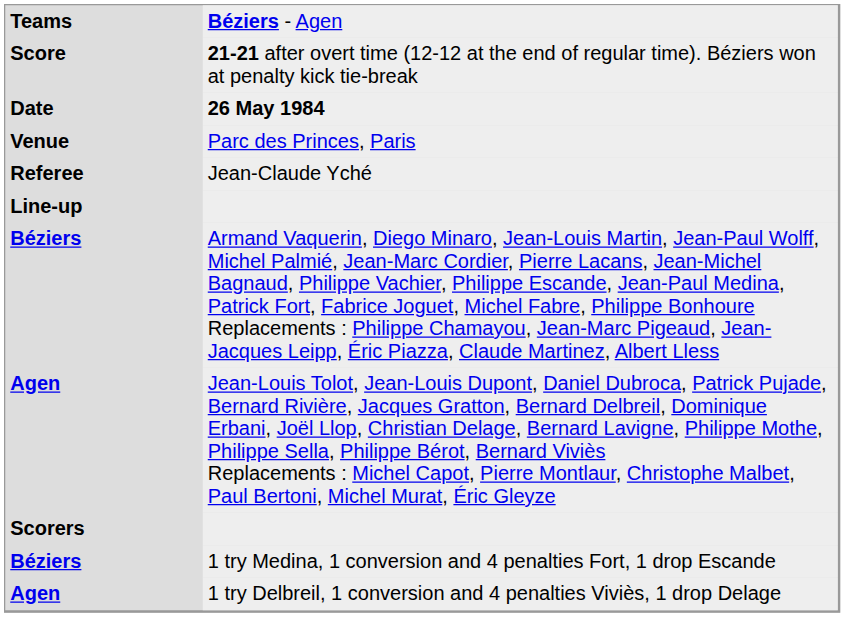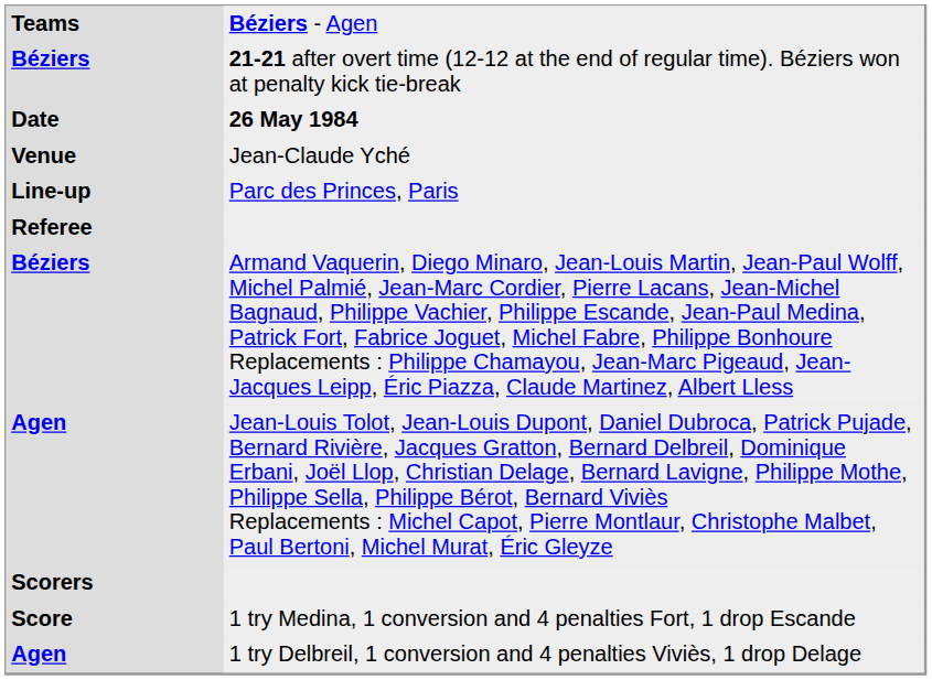 <table align="left" cellpadding="4" cellspacing="0"  style="margin: 0 0 0 0; border: 1px solid #999; border-right-width: 2px; border-bottom-width: 2px; background-color: #DDDDDD">
 <tr>
 <td width="150" valign="top"><strong>Teams</strong></td>
 <td width="500" bgcolor=#EEEEEE><strong><a href='#'>Béziers</a> </strong> - <a href='#'>Agen</a></td>
 </tr>
 <tr>
-<td valign="top"><strong>Score</strong></td>
+<td valign="top"><strong> <a href='#'>Béziers</a> </strong></td>
 <td bgcolor=#EEEEEE><strong>21-21</strong> after overt time (12-12 at the end of regular time). Béziers won at penalty kick tie-break</td>
 </tr>
 <tr>
 <td valign="top"><strong>Date</strong></td>
 <td bgcolor=#EEEEEE><strong>26 May 1984</strong></td>
 </tr>
 <tr>
 <td valign="top"><strong>Venue</strong></td>
+<td bgcolor=#EEEEEE>Jean-Claude Yché</td>
+</tr>
+<tr>
+<td valign="top"><strong>Line-up</strong></td>
 <td bgcolor=#EEEEEE><a href='#'>Parc des Princes</a>, <a href='#'>Paris</a></td>
 </tr>
 <tr>
 <td valign="top"><strong>Referee</strong></td>
-<td bgcolor=#EEEEEE>Jean-Claude Yché</td>
-</tr>
-<tr>
-<td valign="top"><strong>Line-up</strong></td>
 <td bgcolor=#EEEEEE></td>
 </tr>
 <tr>
 <td valign="top"><strong> <a href='#'>Béziers</a> </strong></td>
 <td bgcolor=#EEEEEE><a href='#'>Armand Vaquerin</a>, <a href='#'>Diego Minaro</a>, <a href='#'>Jean-Louis Martin</a>, <a href='#'>Jean-Paul Wolff</a>, <a href='#'>Michel Palmié</a>, <a href='#'>Jean-Marc Cordier</a>, <a href='#'>Pierre Lacans</a>, <a href='#'>Jean-Michel Bagnaud</a>, <a href='#'>Philippe Vachier</a>, <a href='#'>Philippe Escande</a>, <a href='#'>Jean-Paul Medina</a>, <a href='#'>Patrick Fort</a>, <a href='#'>Fabrice Joguet</a>, <a href='#'>Michel Fabre</a>, <a href='#'>Philippe Bonhoure</a> <br>Replacements : <a href='#'>Philippe Chamayou</a>, <a href='#'>Jean-Marc Pigeaud</a>, <a href='#'>Jean-Jacques Leipp</a>, <a href='#'>Éric Piazza</a>, <a href='#'>Claude Martinez</a>, <a href='#'>Albert Lless</a></td>
 </tr>
 <tr>
 <td valign="top"><strong><a href='#'>Agen</a> </strong></td>
 <td bgcolor=#EEEEEE><a href='#'>Jean-Louis Tolot</a>, <a href='#'>Jean-Louis Dupont</a>, <a href='#'>Daniel Dubroca</a>, <a href='#'>Patrick Pujade</a>, <a href='#'>Bernard Rivière</a>, <a href='#'>Jacques Gratton</a>, <a href='#'>Bernard Delbreil</a>, <a href='#'>Dominique Erbani</a>, <a href='#'>Joël Llop</a>, <a href='#'>Christian Delage</a>, <a href='#'>Bernard Lavigne</a>, <a href='#'>Philippe Mothe</a>, <a href='#'>Philippe Sella</a>, <a href='#'>Philippe Bérot</a>, <a href='#'>Bernard Viviès</a> <br>Replacements : <a href='#'>Michel Capot</a>, <a href='#'>Pierre Montlaur</a>, <a href='#'>Christophe Malbet</a>, <a href='#'>Paul Bertoni</a>, <a href='#'>Michel Murat</a>, <a href='#'>Éric Gleyze</a></td>
 </tr>
 <tr>
 <td valign="top"><strong>Scorers</strong></td>
 <td bgcolor=#EEEEEE></td>
 </tr>
 <tr>
-<td valign="top"><strong> <a href='#'>Béziers</a> </strong></td>
+<td valign="top"><strong>Score</strong></td>
 <td bgcolor=#EEEEEE>1 try Medina, 1 conversion and 4 penalties  Fort, 1 drop Escande</td>
 </tr>
 <tr>
 <td valign="top"><strong><a href='#'>Agen</a> </strong></td>
 <td bgcolor=#EEEEEE>1 try Delbreil, 1 conversion and 4 penalties  Viviès, 1 drop Delage</td>
 </tr>
 </table>
